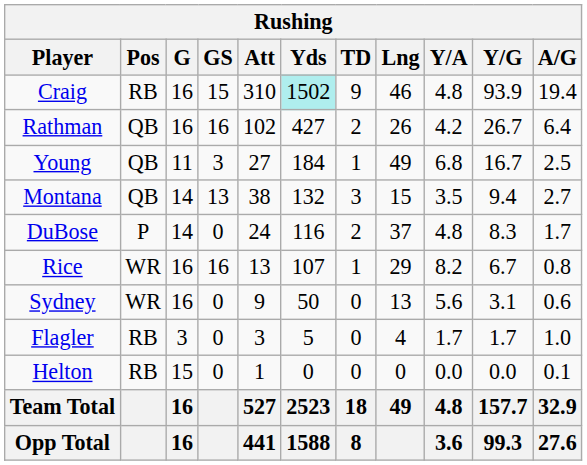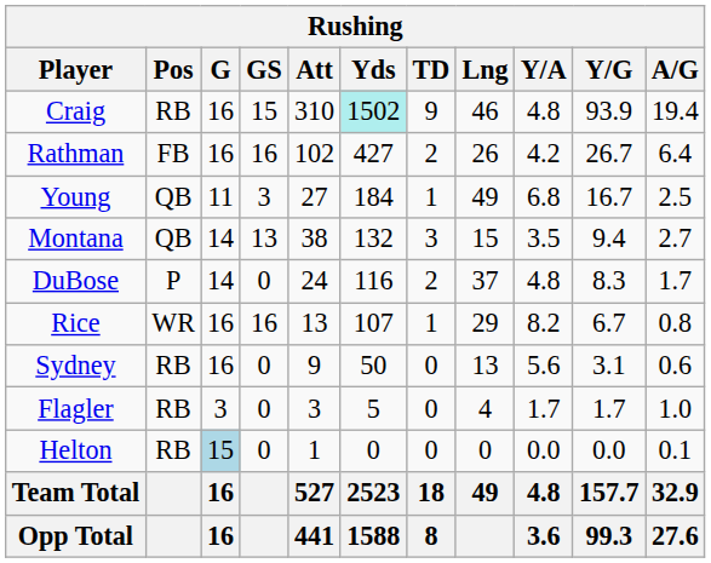 <table class="wikitable" style="text-align:center">
 <tr>
 <th colspan="11">Rushing</th>
 </tr>
 <tr>
 <th>Player</th>
 <th>Pos</th>
 <th>G</th>
 <th>GS</th>
 <th>Att</th>
 <th>Yds</th>
 <th>TD</th>
 <th>Lng</th>
 <th>Y/A</th>
 <th>Y/G</th>
 <th>A/G</th>
 </tr>
 <tr>
 <td><a href='#'>Craig</a></td>
 <td>RB</td>
 <td>16</td>
 <td>15</td>
 <td>310</td>
 <td style="background: paleturquoise;">1502</td>
 <td>9</td>
 <td>46</td>
 <td>4.8</td>
 <td>93.9</td>
 <td>19.4</td>
 </tr>
 <tr>
 <td><a href='#'>Rathman</a></td>
-<td>QB</td>
+<td>FB</td>
 <td>16</td>
 <td>16</td>
 <td>102</td>
 <td>427</td>
 <td>2</td>
 <td>26</td>
 <td>4.2</td>
 <td>26.7</td>
 <td>6.4</td>
 </tr>
 <tr>
 <td><a href='#'>Young</a></td>
 <td>QB</td>
 <td>11</td>
 <td>3</td>
 <td>27</td>
 <td>184</td>
 <td>1</td>
 <td>49</td>
 <td>6.8</td>
 <td>16.7</td>
 <td>2.5</td>
 </tr>
 <tr>
 <td><a href='#'>Montana</a></td>
 <td>QB</td>
 <td>14</td>
 <td>13</td>
 <td>38</td>
 <td>132</td>
 <td>3</td>
 <td>15</td>
 <td>3.5</td>
 <td>9.4</td>
 <td>2.7</td>
 </tr>
 <tr>
 <td><a href='#'>DuBose</a></td>
 <td>P</td>
 <td>14</td>
 <td>0</td>
 <td>24</td>
 <td>116</td>
 <td>2</td>
 <td>37</td>
 <td>4.8</td>
 <td>8.3</td>
 <td>1.7</td>
 </tr>
 <tr>
 <td><a href='#'>Rice</a></td>
 <td>WR</td>
 <td>16</td>
 <td>16</td>
 <td>13</td>
 <td>107</td>
 <td>1</td>
 <td>29</td>
 <td>8.2</td>
 <td>6.7</td>
 <td>0.8</td>
 </tr>
 <tr>
 <td><a href='#'>Sydney</a></td>
-<td>WR</td>
+<td>RB</td>
 <td>16</td>
 <td>0</td>
 <td>9</td>
 <td>50</td>
 <td>0</td>
 <td>13</td>
 <td>5.6</td>
 <td>3.1</td>
 <td>0.6</td>
 </tr>
 <tr>
 <td><a href='#'>Flagler</a></td>
 <td>RB</td>
 <td>3</td>
 <td>0</td>
 <td>3</td>
 <td>5</td>
 <td>0</td>
 <td>4</td>
 <td>1.7</td>
 <td>1.7</td>
 <td>1.0</td>
 </tr>
 <tr>
 <td><a href='#'>Helton</a></td>
 <td>RB</td>
-<td>15</td>
+<td style="background: lightblue;">15</td>
 <td>0</td>
 <td>1</td>
 <td>0</td>
 <td>0</td>
 <td>0</td>
 <td>0.0</td>
 <td>0.0</td>
 <td>0.1</td>
 </tr>
 <tr>
 <th>Team Total</th>
 <th></th>
 <th>16</th>
 <th></th>
 <th>527</th>
 <th>2523</th>
 <th>18</th>
 <th>49</th>
 <th>4.8</th>
 <th>157.7</th>
 <th>32.9</th>
 </tr>
 <tr>
 <th>Opp Total</th>
 <th></th>
 <th>16</th>
 <th></th>
 <th>441</th>
 <th>1588</th>
 <th>8</th>
 <th></th>
 <th>3.6</th>
 <th>99.3</th>
 <th>27.6</th>
 </tr>
 </table>
